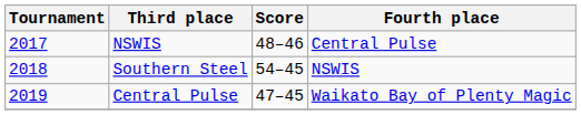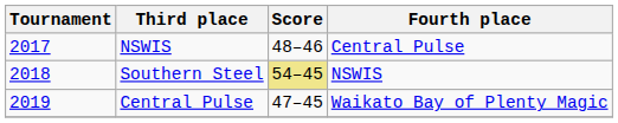 <table class="wikitable collapsible">
 <tr>
 <th>Tournament</th>
 <th>Third place</th>
 <th>Score</th>
 <th>Fourth place</th>
 </tr>
 <tr>
 <td><a href='#'>2017</a></td>
 <td><a href='#'>NSWIS</a></td>
 <td>48–46</td>
 <td><a href='#'>Central Pulse</a></td>
 </tr>
 <tr>
 <td><a href='#'>2018</a></td>
 <td><a href='#'>Southern Steel</a></td>
-<td>54–45</td>
+<td style="background: khaki;">54–45</td>
 <td><a href='#'>NSWIS</a></td>
 </tr>
 <tr>
 <td><a href='#'>2019</a></td>
 <td><a href='#'>Central Pulse</a></td>
 <td>47–45</td>
 <td><a href='#'>Waikato Bay of Plenty Magic</a></td>
 </tr>
 <tr>
 </tr>
 </table>
